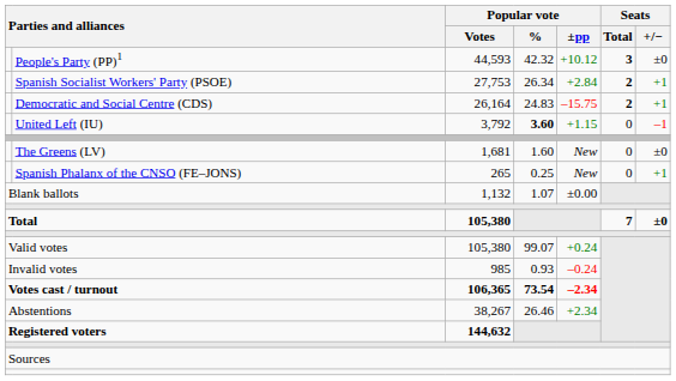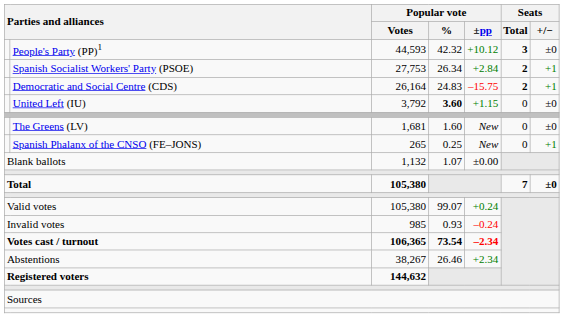 <table class="wikitable" style="text-align:right;">
 <tr>
 <th style="text-align:left;" rowspan="2" colspan="2" width="525">Parties and alliances</th>
 <th colspan="3">Popular vote</th>
 <th colspan="2">Seats</th>
 </tr>
 <tr>
 <th width="75">Votes</th>
 <th width="45">%</th>
 <th width="45">±<a href='#'>pp</a></th>
 <th width="35">Total</th>
 <th width="35">+/−</th>
 </tr>
 <tr>
 <td width="1" style="color:inherit;background:"></td>
 <td align="left"><a href='#'>People's Party</a> (PP)<sup>1</sup></td>
 <td>44,593</td>
 <td>42.32</td>
 <td style="color:green;">+10.12</td>
 <td><strong>3</strong></td>
 <td>±0</td>
 </tr>
 <tr>
 <td style="color:inherit;background:"></td>
 <td align="left"><a href='#'>Spanish Socialist Workers' Party</a> (PSOE)</td>
 <td>27,753</td>
 <td>26.34</td>
 <td style="color:green;">+2.84</td>
 <td><strong>2</strong></td>
 <td style="color:green;">+1</td>
 </tr>
 <tr>
 <td style="color:inherit;background:"></td>
 <td align="left"><a href='#'>Democratic and Social Centre</a> (CDS)</td>
 <td>26,164</td>
 <td>24.83</td>
 <td style="color:red;">–15.75</td>
 <td><strong>2</strong></td>
 <td style="color:green;">+1</td>
 </tr>
 <tr>
 <td style="color:inherit;background:"></td>
 <td align="left"><a href='#'>United Left</a> (IU)</td>
 <td>3,792</td>
 <td><strong>3.60</strong></td>
 <td style="color:green;">+1.15</td>
 <td>0</td>
-<td style="color:red;">–1</td>
+<td>±0</td>
 </tr>
 <tr>
 <td colspan="7" bgcolor="#C0C0C0"></td>
 </tr>
 <tr>
 <td style="color:inherit;background:"></td>
 <td align="left"><a href='#'>The Greens</a> (LV)</td>
 <td>1,681</td>
 <td>1.60</td>
 <td><em>New</em></td>
 <td>0</td>
 <td>±0</td>
 </tr>
 <tr>
 <td style="color:inherit;background:"></td>
 <td align="left"><a href='#'>Spanish Phalanx of the CNSO</a> (FE–JONS)</td>
 <td>265</td>
 <td>0.25</td>
 <td><em>New</em></td>
 <td>0</td>
 <td style="color:green;">+1</td>
 </tr>
 <tr>
 <td align="left" colspan="2">Blank ballots</td>
 <td>1,132</td>
 <td>1.07</td>
 <td>±0.00</td>
 <td bgcolor="#E9E9E9" colspan="2"></td>
 </tr>
 <tr>
 <td colspan="7" bgcolor="#E9E9E9"></td>
 </tr>
 <tr style="font-weight:bold;">
 <td align="left" colspan="2">Total</td>
 <td>105,380</td>
 <td bgcolor="#E9E9E9" colspan="2"></td>
 <td>7</td>
 <td>±0</td>
 </tr>
 <tr>
 <td colspan="7" bgcolor="#E9E9E9"></td>
 </tr>
 <tr>
 <td align="left" colspan="2">Valid votes</td>
 <td>105,380</td>
 <td>99.07</td>
 <td style="color:green;">+0.24</td>
 <td bgcolor="#E9E9E9" colspan="2" rowspan="5"></td>
 </tr>
 <tr>
 <td align="left" colspan="2">Invalid votes</td>
 <td>985</td>
 <td>0.93</td>
 <td style="color:red;">–0.24</td>
 </tr>
 <tr style="font-weight:bold;">
 <td align="left" colspan="2">Votes cast / turnout</td>
 <td>106,365</td>
 <td>73.54</td>
 <td style="color:red;">–2.34</td>
 </tr>
 <tr>
 <td align="left" colspan="2">Abstentions</td>
 <td>38,267</td>
 <td>26.46</td>
 <td style="color:green;">+2.34</td>
 </tr>
 <tr style="font-weight:bold;">
 <td align="left" colspan="2">Registered voters</td>
 <td>144,632</td>
 <td bgcolor="#E9E9E9" colspan="2"></td>
 </tr>
 <tr>
 <td colspan="7" bgcolor="#E9E9E9"></td>
 </tr>
 <tr>
 <td align="left" colspan="7">Sources</td>
 </tr>
 <tr>
 <td colspan="7" style="text-align:left; max-width:790px;"></td>
 </tr>
 </table>
